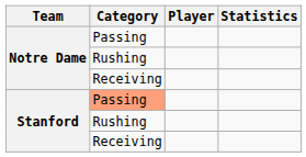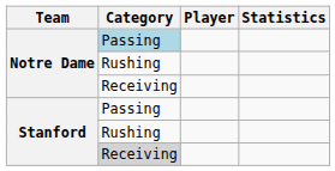 <table class="wikitable" style="float:right">
 <tr>
 <th>Team</th>
 <th>Category</th>
 <th>Player</th>
 <th>Statistics</th>
 </tr>
 <tr>
 <th rowspan=3>Notre Dame</th>
-<td>Passing</td>
+<td style="background: lightblue;">Passing</td>
 <td></td>
 <td></td>
 </tr>
 <tr>
 <td>Rushing</td>
 <td></td>
 <td></td>
 </tr>
 <tr>
 <td>Receiving</td>
 <td></td>
 <td></td>
 </tr>
 <tr>
 <th rowspan=3>Stanford</th>
-<td style="background: lightsalmon;">Passing</td>
+<td>Passing</td>
 <td></td>
 <td></td>
 </tr>
 <tr>
 <td>Rushing</td>
 <td></td>
 <td></td>
 </tr>
 <tr>
-<td>Receiving</td>
+<td style="background: lightgrey;">Receiving</td>
 <td></td>
 <td></td>
 </tr>
 </table>
